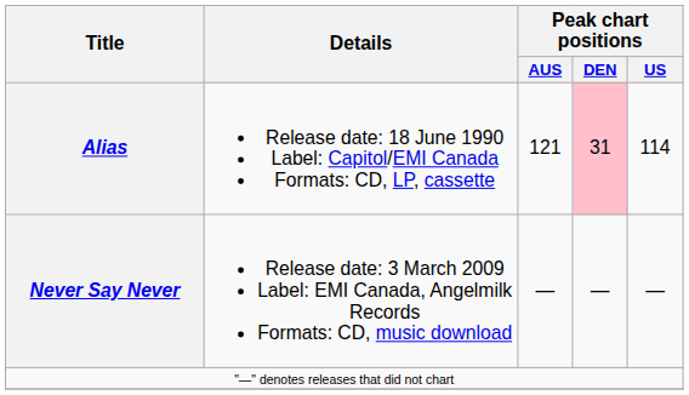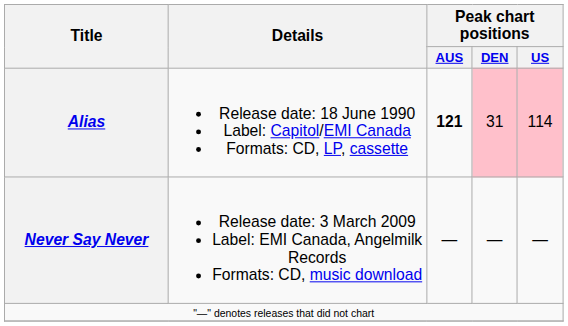 <table class="wikitable plainrowheaders" style="text-align:center;">
 <tr>
 <th rowspan="2" style="width:10em;">Title</th>
 <th rowspan="2" style="width:16em;">Details</th>
 <th colspan="3">Peak chart<br>positions</th>
 </tr>
 <tr style="font-size:smaller;">
 <th width="40"><a href='#'>AUS</a><br></th>
 <th width="40"><a href='#'>DEN</a><br></th>
 <th width="40"><a href='#'>US</a><br></th>
 </tr>
 <tr>
 <th scope="row"><em><a href='#'>Alias</a></em></th>
 <td><br><ul><li>Release date: 18 June 1990</li><li>Label: <a href='#'>Capitol</a>/<a href='#'>EMI Canada</a></li><li>Formats: CD, <a href='#'>LP</a>, <a href='#'>cassette</a></li></ul></td>
-<td>121</td>
+<td><strong>121</strong></td>
 <td style="background: pink;">31</td>
-<td>114</td>
+<td style="background: pink;">114</td>
 </tr>
 <tr>
 <th scope="row"><em><a href='#'>Never Say Never</a></em></th>
 <td><br><ul><li>Release date: 3 March 2009</li><li>Label: EMI Canada, Angelmilk Records</li><li>Formats: CD, <a href='#'>music download</a></li></ul></td>
 <td>—</td>
 <td>—</td>
 <td>—</td>
 </tr>
 <tr>
 <td colspan="10" style="font-size:8pt">"—" denotes releases that did not chart</td>
 </tr>
 <tr>
 </tr>
 </table>
